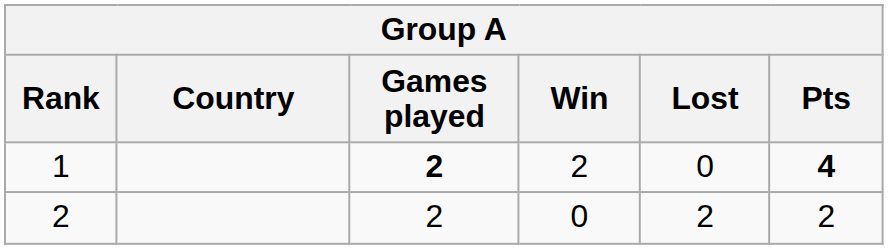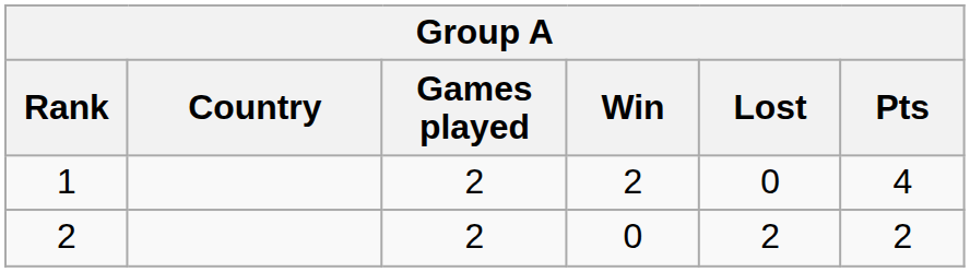 <table class="wikitable" style= "text-align: center; Width:50%">
 <tr>
 <th colspan= 6>Group A</th>
 </tr>
 <tr>
 <th width=2%>Rank</th>
 <th width=10%>Country</th>
 <th width=5%>Games <br> played</th>
 <th width=5%>Win</th>
 <th width=5%>Lost</th>
 <th width=5%>Pts</th>
 </tr>
 <tr>
 <td>1</td>
 <td style= "text-align: left"></td>
-<td><strong>2</strong></td>
+<td>2</td>
 <td>2</td>
 <td>0</td>
-<td><strong>4</strong></td>
+<td>4</td>
 </tr>
 <tr>
 <td>2</td>
 <td style= "text-align: left"></td>
 <td>2</td>
 <td>0</td>
 <td>2</td>
 <td>2</td>
 </tr>
 </table>
